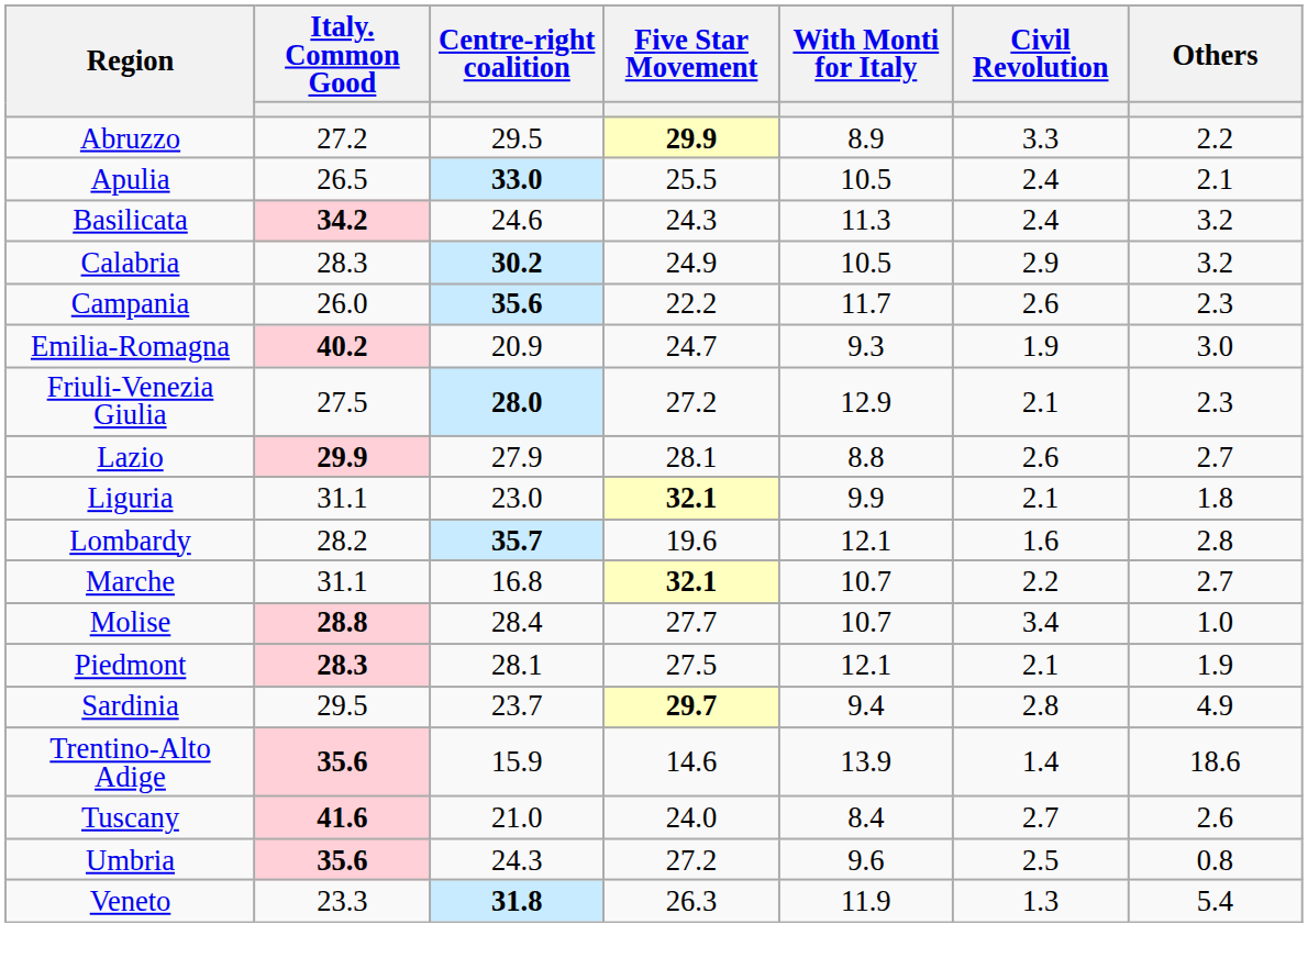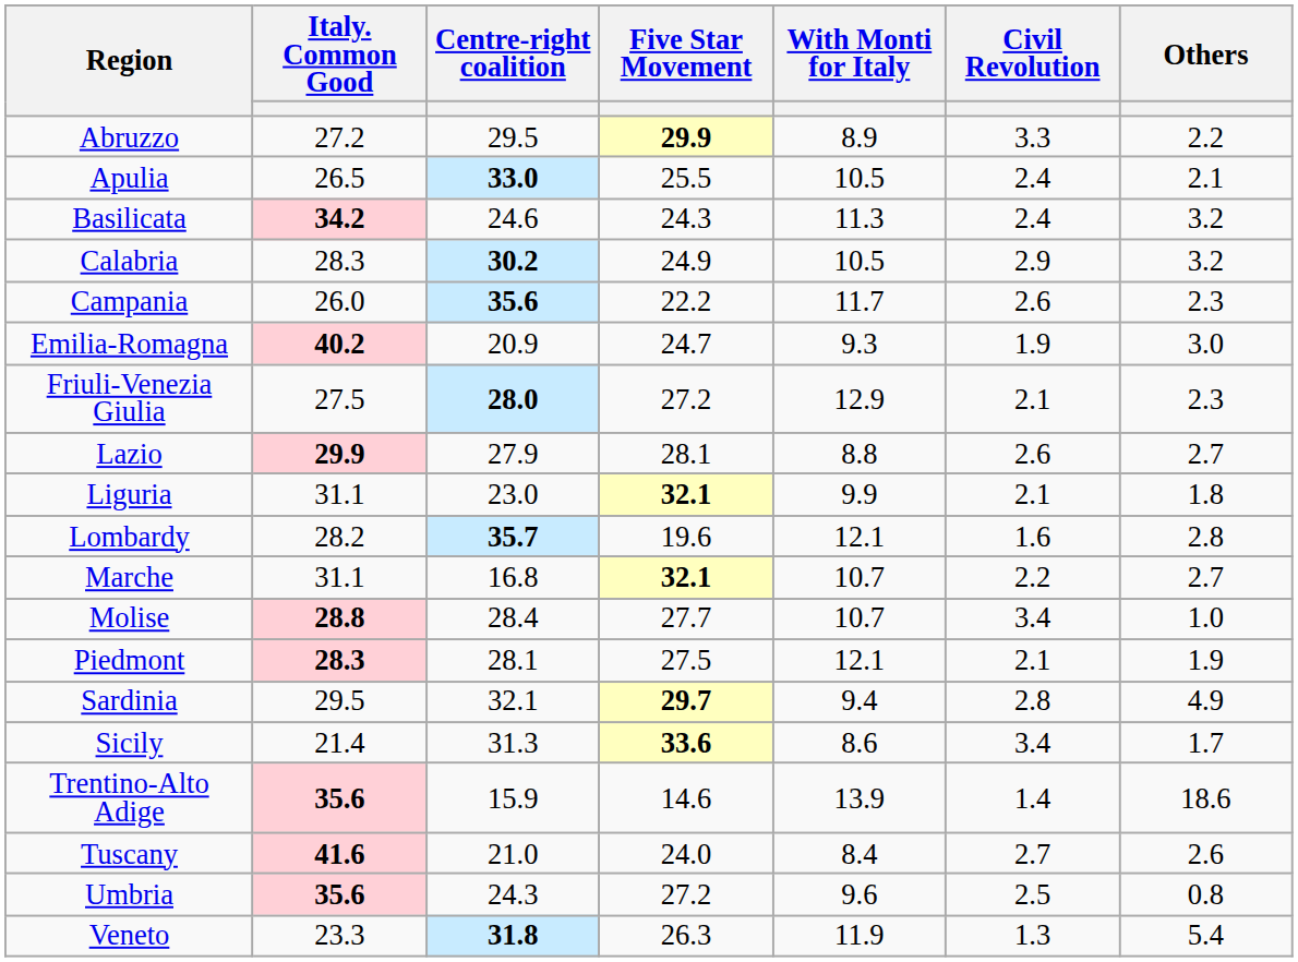 <table class="wikitable" style="text-align:center; font-size:85%; line-height:13px">
 <tr style="height:30px; background:#e9e9e9;">
 <th style="width:110px;" rowspan="2">Region</th>
 <th style="width:75px;"><a href='#'>Italy. Common Good</a></th>
 <th style="width:75px;"><a href='#'>Centre-right coalition</a></th>
 <th style="width:75px;"><a href='#'>Five Star Movement</a></th>
 <th style="width:75px;"><a href='#'>With Monti for Italy</a></th>
 <th style="width:75px;"><a href='#'>Civil Revolution</a></th>
 <th style="width:75px;">Others</th>
 </tr>
 <tr>
 <th style="background:"></th>
 <th style="background:"></th>
 <th style="background:"></th>
 <th style="background:"></th>
 <th style="background:"></th>
 <th style="background:"></th>
 </tr>
 <tr>
 <td><a href='#'>Abruzzo</a></td>
 <td>27.2</td>
 <td>29.5</td>
 <td style="background:#FFFFBF"><strong>29.9</strong></td>
 <td>8.9</td>
 <td>3.3</td>
 <td>2.2</td>
 </tr>
 <tr>
 <td><a href='#'>Apulia</a></td>
 <td>26.5</td>
 <td style="background:#C8EBFF"><strong>33.0</strong></td>
 <td>25.5</td>
 <td>10.5</td>
 <td>2.4</td>
 <td>2.1</td>
 </tr>
 <tr>
 <td><a href='#'>Basilicata</a></td>
 <td style="background:#FFD0D7"><strong>34.2</strong></td>
 <td>24.6</td>
 <td>24.3</td>
 <td>11.3</td>
 <td>2.4</td>
 <td>3.2</td>
 </tr>
 <tr>
 <td><a href='#'>Calabria</a></td>
 <td>28.3</td>
 <td style="background:#C8EBFF"><strong>30.2</strong></td>
 <td>24.9</td>
 <td>10.5</td>
 <td>2.9</td>
 <td>3.2</td>
 </tr>
 <tr>
 <td><a href='#'>Campania</a></td>
 <td>26.0</td>
 <td style="background:#C8EBFF"><strong>35.6</strong></td>
 <td>22.2</td>
 <td>11.7</td>
 <td>2.6</td>
 <td>2.3</td>
 </tr>
 <tr>
 <td><a href='#'>Emilia-Romagna</a></td>
 <td style="background:#FFD0D7"><strong>40.2</strong></td>
 <td>20.9</td>
 <td>24.7</td>
 <td>9.3</td>
 <td>1.9</td>
 <td>3.0</td>
 </tr>
 <tr>
 <td><a href='#'>Friuli-Venezia Giulia</a></td>
 <td>27.5</td>
 <td style="background:#C8EBFF"><strong>28.0</strong></td>
 <td>27.2</td>
 <td>12.9</td>
 <td>2.1</td>
 <td>2.3</td>
 </tr>
 <tr>
 <td><a href='#'>Lazio</a></td>
 <td style="background:#FFD0D7"><strong>29.9</strong></td>
 <td>27.9</td>
 <td>28.1</td>
 <td>8.8</td>
 <td>2.6</td>
 <td>2.7</td>
 </tr>
 <tr>
 <td><a href='#'>Liguria</a></td>
 <td>31.1</td>
 <td>23.0</td>
 <td style="background:#FFFFBF"><strong>32.1</strong></td>
 <td>9.9</td>
 <td>2.1</td>
 <td>1.8</td>
 </tr>
 <tr>
 <td><a href='#'>Lombardy</a></td>
 <td>28.2</td>
 <td style="background:#C8EBFF"><strong>35.7</strong></td>
 <td>19.6</td>
 <td>12.1</td>
 <td>1.6</td>
 <td>2.8</td>
 </tr>
 <tr>
 <td><a href='#'>Marche</a></td>
 <td>31.1</td>
 <td>16.8</td>
 <td style="background:#FFFFBF"><strong>32.1</strong></td>
 <td>10.7</td>
 <td>2.2</td>
 <td>2.7</td>
 </tr>
 <tr>
 <td><a href='#'>Molise</a></td>
 <td style="background:#FFD0D7"><strong>28.8</strong></td>
 <td>28.4</td>
 <td>27.7</td>
 <td>10.7</td>
 <td>3.4</td>
 <td>1.0</td>
 </tr>
 <tr>
 <td><a href='#'>Piedmont</a></td>
 <td style="background:#FFD0D7"><strong>28.3</strong></td>
 <td>28.1</td>
 <td>27.5</td>
 <td>12.1</td>
 <td>2.1</td>
 <td>1.9</td>
 </tr>
 <tr>
 <td><a href='#'>Sardinia</a></td>
 <td>29.5</td>
-<td>23.7</td>
+<td>32.1</td>
 <td style="background:#FFFFBF"><strong>29.7</strong></td>
 <td>9.4</td>
 <td>2.8</td>
 <td>4.9</td>
+</tr>
+<tr>
+<td><a href='#'>Sicily</a></td>
+<td>21.4</td>
+<td>31.3</td>
+<td style="background:#FFFFBF"><strong>33.6</strong></td>
+<td>8.6</td>
+<td>3.4</td>
+<td>1.7</td>
 </tr>
 <tr>
 <td><a href='#'>Trentino-Alto Adige</a></td>
 <td style="background:#FFD0D7"><strong>35.6</strong></td>
 <td>15.9</td>
 <td>14.6</td>
 <td>13.9</td>
 <td>1.4</td>
 <td>18.6</td>
 </tr>
 <tr>
 <td><a href='#'>Tuscany</a></td>
 <td style="background:#FFD0D7"><strong>41.6</strong></td>
 <td>21.0</td>
 <td>24.0</td>
 <td>8.4</td>
 <td>2.7</td>
 <td>2.6</td>
 </tr>
 <tr>
 <td><a href='#'>Umbria</a></td>
 <td style="background:#FFD0D7"><strong>35.6</strong></td>
 <td>24.3</td>
 <td>27.2</td>
 <td>9.6</td>
 <td>2.5</td>
 <td>0.8</td>
 </tr>
 <tr>
 <td><a href='#'>Veneto</a></td>
 <td>23.3</td>
 <td style="background:#C8EBFF"><strong>31.8</strong></td>
 <td>26.3</td>
 <td>11.9</td>
 <td>1.3</td>
 <td>5.4</td>
 </tr>
 </table>
